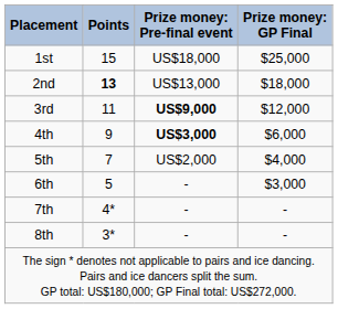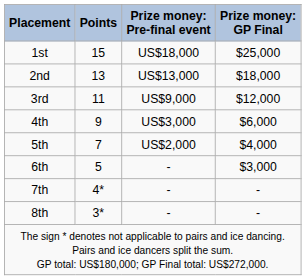 <table border="2" cellpadding="5" cellspacing="0" style="margin: 1em 1em 1em 0; background: #f9f9f9; border: 1px #aaa solid; border-collapse: collapse; font-size: 90%; text-align:center; ">
 <tr style="background:#b0c4de; ">
 <th>Placement</th>
 <th>Points</th>
 <th>Prize money: <br> Pre-final event</th>
 <th>Prize money: <br> GP Final</th>
 </tr>
 <tr>
 <td>1st</td>
 <td>15</td>
 <td>US$18,000</td>
 <td>$25,000</td>
 </tr>
 <tr>
 <td>2nd</td>
-<td><strong>13</strong></td>
+<td>13</td>
 <td>US$13,000</td>
 <td>$18,000</td>
 </tr>
 <tr>
 <td>3rd</td>
 <td>11</td>
-<td><strong>US$9,000</strong></td>
+<td>US$9,000</td>
 <td>$12,000</td>
 </tr>
 <tr>
 <td>4th</td>
 <td>9</td>
-<td><strong>US$3,000</strong></td>
+<td>US$3,000</td>
 <td>$6,000</td>
 </tr>
 <tr>
 <td>5th</td>
 <td>7</td>
 <td>US$2,000</td>
 <td>$4,000</td>
 </tr>
 <tr>
 <td>6th</td>
 <td>5</td>
 <td>-</td>
 <td>$3,000</td>
 </tr>
 <tr>
 <td>7th</td>
 <td>4*</td>
 <td>-</td>
 <td>-</td>
 </tr>
 <tr>
 <td>8th</td>
 <td>3*</td>
 <td>-</td>
 <td>-</td>
 </tr>
 <tr>
 <td colspan=4 align=center><small> The sign * denotes not applicable to pairs and ice dancing. <br> Pairs and ice dancers split the sum. <br> GP total: US$180,000; GP Final total: US$272,000. </small></td>
 </tr>
 </table>
